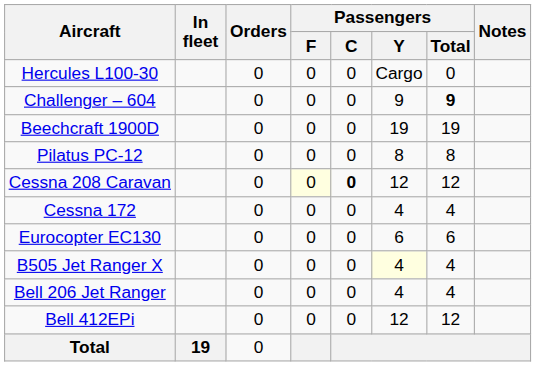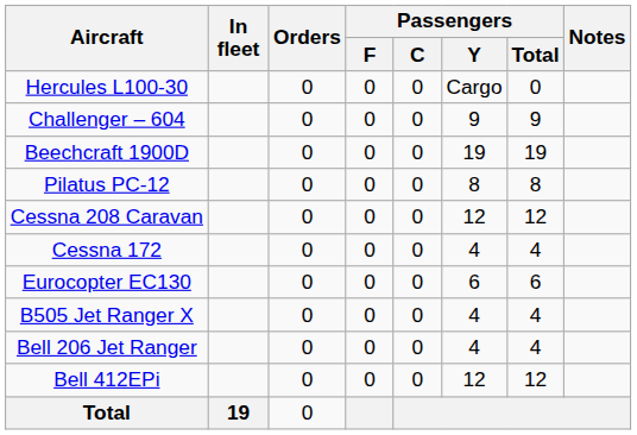 <table class="wikitable" style="margin:1em auto; text-align:center;">
 <tr>
 <th rowspan="2">Aircraft</th>
 <th rowspan="2" style="width:30pt;">In fleet</th>
 <th rowspan="2" style="width:30pt;">Orders</th>
 <th colspan="4">Passengers</th>
 <th rowspan="2">Notes</th>
 </tr>
 <tr>
 <th style="width:30px;"><abbr>F</abbr></th>
 <th style="width:30px;"><abbr>C</abbr></th>
 <th style="width:30px;"><abbr>Y</abbr></th>
 <th style="width:30px;">Total</th>
 </tr>
 <tr>
 <td><a href='#'>Hercules L100-30</a></td>
 <td></td>
 <td>0</td>
 <td>0</td>
 <td>0</td>
 <td>Cargo</td>
 <td>0</td>
 <td></td>
 </tr>
 <tr>
 <td><a href='#'>Challenger – 604</a></td>
 <td></td>
 <td>0</td>
 <td>0</td>
 <td>0</td>
 <td>9</td>
-<td><strong>9</strong></td>
+<td>9</td>
 <td></td>
 </tr>
 <tr>
 <td><a href='#'>Beechcraft 1900D</a></td>
 <td></td>
 <td>0</td>
 <td>0</td>
 <td>0</td>
 <td>19</td>
 <td>19</td>
 <td></td>
 </tr>
 <tr>
 <td><a href='#'>Pilatus PC-12</a></td>
 <td></td>
 <td>0</td>
 <td>0</td>
 <td>0</td>
 <td>8</td>
 <td>8</td>
 <td></td>
 </tr>
 <tr>
 <td><a href='#'>Cessna 208 Caravan</a></td>
 <td></td>
 <td>0</td>
-<td style="background: lightyellow;">0</td>
-<td><strong>0</strong></td>
+<td>0</td>
+<td>0</td>
 <td>12</td>
 <td>12</td>
 <td></td>
 </tr>
 <tr>
 <td><a href='#'>Cessna 172</a></td>
 <td></td>
 <td>0</td>
 <td>0</td>
 <td>0</td>
 <td>4</td>
 <td>4</td>
 <td></td>
 </tr>
 <tr>
 <td><a href='#'>Eurocopter EC130</a></td>
 <td></td>
 <td>0</td>
 <td>0</td>
 <td>0</td>
 <td>6</td>
 <td>6</td>
 <td></td>
 </tr>
 <tr>
 <td><a href='#'>B505 Jet Ranger X</a></td>
 <td></td>
 <td>0</td>
 <td>0</td>
 <td>0</td>
-<td style="background: lightyellow;">4</td>
+<td>4</td>
 <td>4</td>
 <td></td>
 </tr>
 <tr>
 <td><a href='#'>Bell 206 Jet Ranger</a></td>
 <td></td>
 <td>0</td>
 <td>0</td>
 <td>0</td>
 <td>4</td>
 <td>4</td>
 <td></td>
 </tr>
 <tr>
 <td><a href='#'>Bell 412EPi</a></td>
 <td></td>
 <td>0</td>
 <td>0</td>
 <td>0</td>
 <td>12</td>
 <td>12</td>
 <td></td>
 </tr>
 <tr>
 <th>Total</th>
 <th>19</th>
 <td>0</td>
 <th></th>
 <th colspan="5"></th>
 </tr>
 </table>
